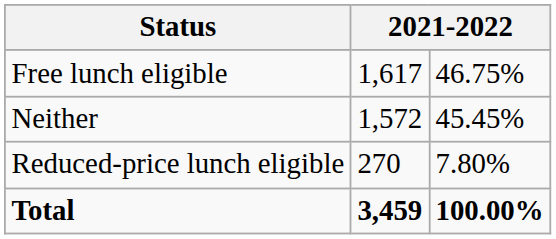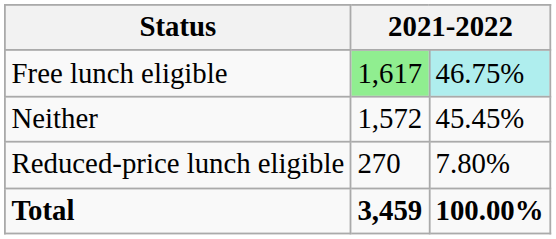 <table class="wikitable">
 <tr>
 <th>Status</th>
 <th colspan="2">2021-2022</th>
 </tr>
 <tr>
 <td>Free lunch eligible</td>
-<td>1,617</td>
-<td>46.75%</td>
+<td style="background: lightgreen;">1,617</td>
+<td style="background: paleturquoise;">46.75%</td>
 </tr>
 <tr>
 <td>Neither</td>
 <td>1,572</td>
 <td>45.45%</td>
 </tr>
 <tr>
 <td>Reduced-price lunch eligible</td>
 <td>270</td>
 <td>7.80%</td>
 </tr>
 <tr>
 <td><strong>Total</strong></td>
 <td><strong>3,459</strong></td>
 <td><strong>100.00%</strong></td>
 </tr>
 </table>
